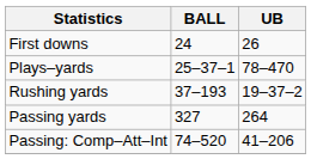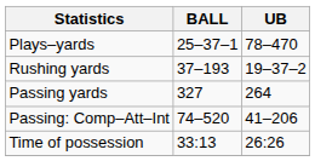 <table class="wikitable" style="float: left;">
 <tr>
 <th>Statistics</th>
 <th>BALL</th>
 <th>UB</th>
-</tr>
-<tr>
-<td>First downs</td>
-<td>24</td>
-<td>26</td>
 </tr>
 <tr>
 <td>Plays–yards</td>
 <td>25–37–1</td>
 <td>78–470</td>
 </tr>
 <tr>
 <td>Rushing yards</td>
 <td>37–193</td>
 <td>19–37–2</td>
 </tr>
 <tr>
 <td>Passing yards</td>
 <td>327</td>
 <td>264</td>
 </tr>
 <tr>
 <td>Passing: Comp–Att–Int</td>
 <td>74–520</td>
 <td>41–206</td>
 </tr>
 <tr>
+<td>Time of possession</td>
+<td>33:13</td>
+<td>26:26</td>
+</tr>
+<tr>
 </tr>
 </table>
